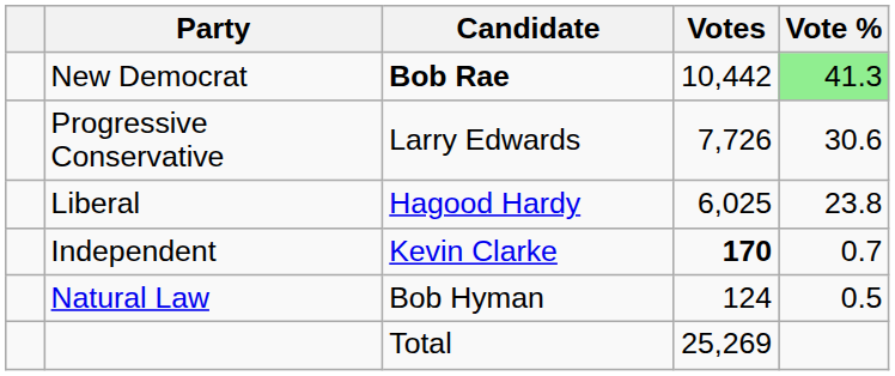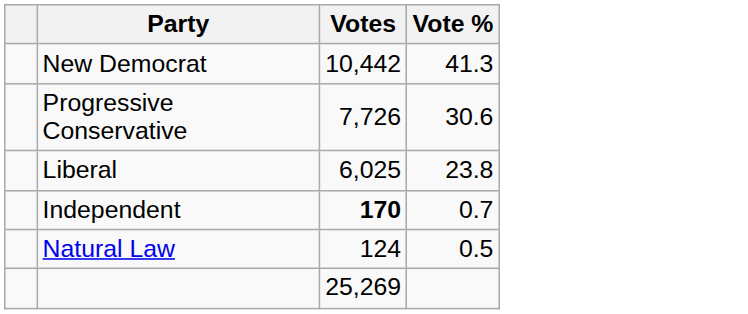 <table class="wikitable">
 <tr>
 <th></th>
 <th scope="col" style="width:175px;">Party</th>
-<th scope="col" style="width:150px;">Candidate</th>
 <th>Votes</th>
 <th>Vote %</th>
 </tr>
 <tr>
 <td>   </td>
 <td>New Democrat</td>
-<td><strong>Bob Rae</strong></td>
 <td align=right>10,442</td>
-<td align=right style="background: lightgreen;">41.3</td>
+<td align=right>41.3</td>
 </tr>
 <tr |>
 <td>   </td>
 <td>Progressive Conservative</td>
-<td>Larry Edwards</td>
 <td align=right>7,726</td>
 <td align=right>30.6</td>
 </tr>
 <tr |>
 <td>   </td>
 <td>Liberal</td>
-<td><a href='#'>Hagood Hardy</a></td>
 <td align=right>6,025</td>
 <td align=right>23.8<br> </td>
 </tr>
 <tr>
 <td>   </td>
 <td>Independent</td>
-<td><a href='#'>Kevin Clarke</a></td>
 <td align=right><strong>170</strong></td>
 <td align=right>0.7<br></td>
 </tr>
 <tr |>
 <td>   </td>
 <td><a href='#'>Natural Law</a></td>
-<td>Bob Hyman</td>
 <td align=right>124</td>
 <td align=right>0.5<br></td>
 </tr>
 <tr |>
 <td></td>
 <td></td>
-<td>Total</td>
 <td align=right>25,269</td>
 <td></td>
 </tr>
 </table>
